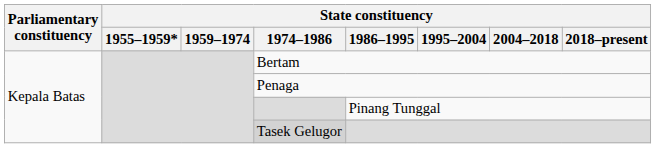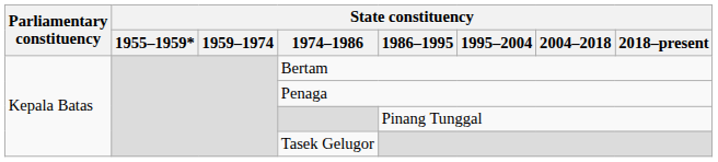 <table class="wikitable">
 <tr>
 <th rowspan="2">Parliamentary<br>constituency</th>
 <th colspan="7">State constituency</th>
 </tr>
 <tr>
 <th>1955–1959*</th>
 <th>1959–1974</th>
 <th>1974–1986</th>
 <th>1986–1995</th>
 <th>1995–2004</th>
 <th>2004–2018</th>
 <th>2018–present</th>
 </tr>
 <tr>
 <td rowspan="4">Kepala Batas</td>
 <td colspan="2" rowspan="4" bgcolor="dcdcdc"></td>
 <td colspan="5">Bertam</td>
 </tr>
 <tr>
 <td colspan="5">Penaga</td>
 </tr>
 <tr>
 <td bgcolor="dcdcdc"></td>
 <td colspan="4">Pinang Tunggal</td>
 </tr>
 <tr>
-<td style="background: lightgrey;">Tasek Gelugor</td>
+<td>Tasek Gelugor</td>
 <td colspan="4" bgcolor="dcdcdc"></td>
 </tr>
 </table>
